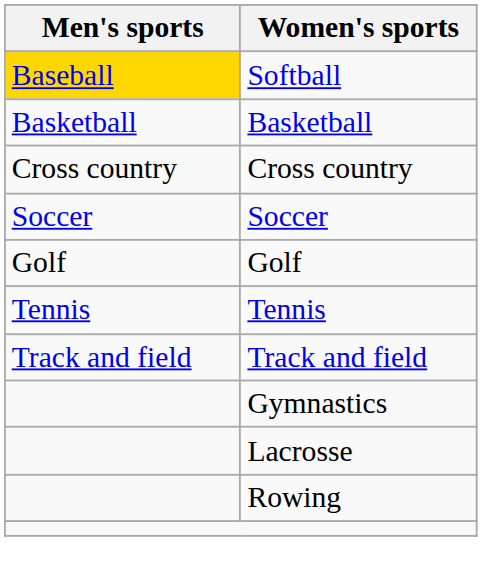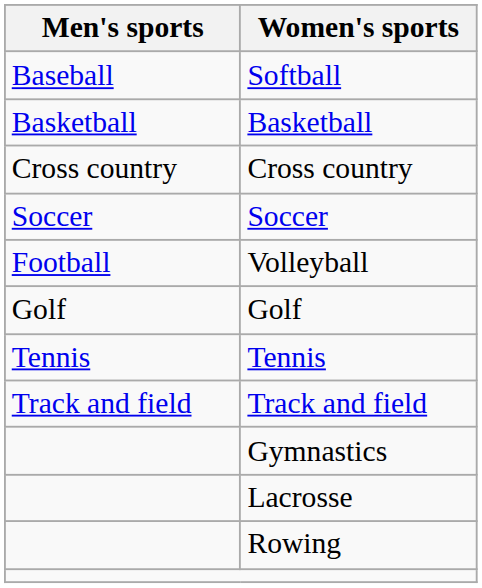 <table class= wikitable>
 <tr>
 <th width=120px>Men's sports</th>
 <th width=120px>Women's sports</th>
 </tr>
 <tr>
-<td style="background: gold;"><a href='#'>Baseball</a></td>
+<td><a href='#'>Baseball</a></td>
 <td><a href='#'>Softball</a></td>
 </tr>
 <tr>
 <td><a href='#'>Basketball</a></td>
 <td><a href='#'>Basketball</a></td>
 </tr>
 <tr>
 <td>Cross country</td>
 <td>Cross country</td>
 </tr>
 <tr>
 <td><a href='#'>Soccer</a></td>
 <td><a href='#'>Soccer</a></td>
+</tr>
+<tr>
+<td><a href='#'>Football</a></td>
+<td>Volleyball</td>
 </tr>
 <tr>
 <td>Golf</td>
 <td>Golf</td>
 </tr>
 <tr>
 <td><a href='#'>Tennis</a></td>
 <td><a href='#'>Tennis</a></td>
 </tr>
 <tr>
 <td><a href='#'>Track and field</a></td>
 <td><a href='#'>Track and field</a></td>
 </tr>
 <tr>
 <td></td>
 <td>Gymnastics</td>
 </tr>
 <tr>
 <td></td>
 <td>Lacrosse</td>
 </tr>
 <tr>
 <td></td>
 <td>Rowing</td>
 </tr>
 <tr>
 <td colspan=2></td>
 </tr>
 </table>
